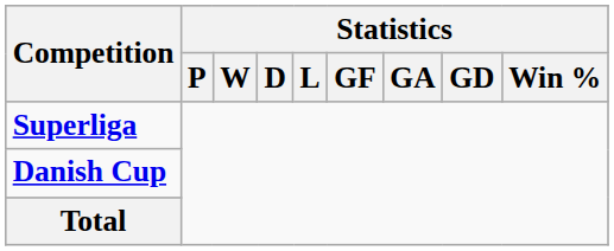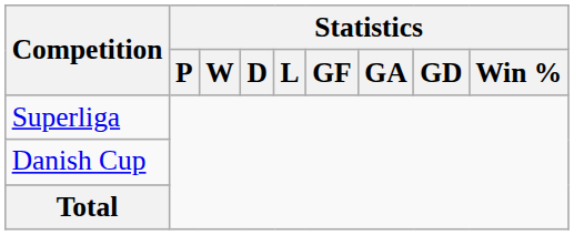 <table class="wikitable" style="text-align: center">
 <tr>
 <th rowspan="2">Competition</th>
 <th colspan="9">Statistics</th>
 </tr>
 <tr>
 <th>P</th>
 <th>W</th>
 <th>D</th>
 <th>L</th>
 <th>GF</th>
 <th>GA</th>
 <th>GD</th>
 <th>Win %</th>
 </tr>
 <tr>
-<td style="text-align: left"><strong><a href='#'>Superliga</a><br></strong></td>
+<td style="text-align: left"><a href='#'>Superliga</a><br></td>
 </tr>
 <tr>
-<td style="text-align: left"><strong><a href='#'>Danish Cup</a><br></strong></td>
+<td style="text-align: left"><a href='#'>Danish Cup</a><br></td>
 </tr>
 <tr>
 <th>Total<br></th>
 </tr>
 </table>
